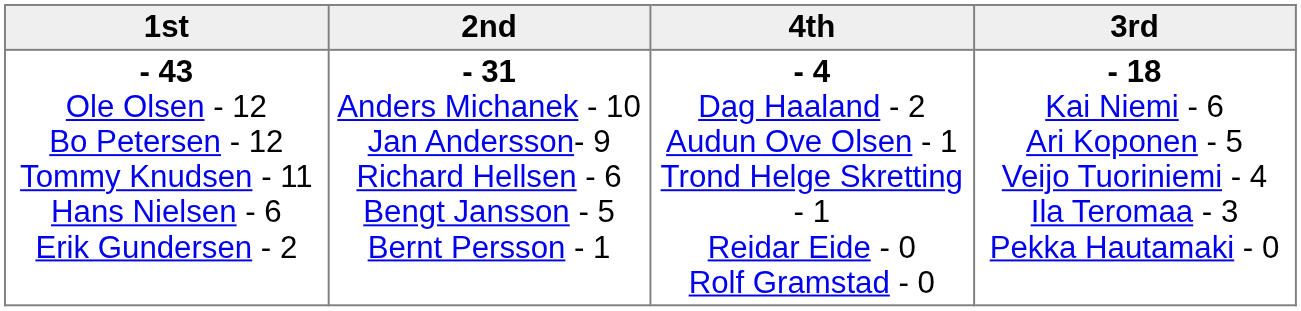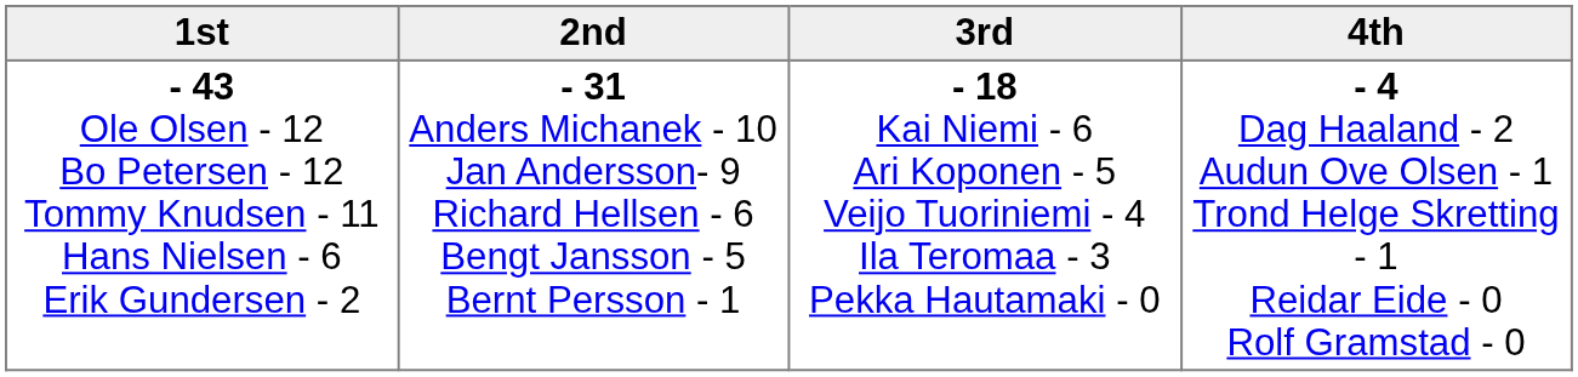 <table border=1 cellpadding=2 cellspacing=0 width=75% style="border-collapse:collapse">
 <tr align=center style="background:#efefef;">
 <th width=20% >1st</th>
 <th width=20% >2nd</th>
+<th width=20% >3rd</th>
 <th width=20%>4th</th>
-<th width=20% >3rd</th>
 </tr>
 <tr align=center>
 <td valign=top ><strong> - 43</strong><br><a href='#'>Ole Olsen</a> - 12<br><a href='#'>Bo Petersen</a> - 12<br><a href='#'>Tommy Knudsen</a> - 11<br><a href='#'>Hans Nielsen</a> - 6<br><a href='#'>Erik Gundersen</a> - 2</td>
 <td valign=top ><strong> - 31</strong><br><a href='#'>Anders Michanek</a> - 10<br><a href='#'>Jan Andersson</a>- 9<br><a href='#'>Richard Hellsen</a> - 6<br><a href='#'>Bengt Jansson</a> - 5<br><a href='#'>Bernt Persson</a> - 1</td>
+<td valign=top ><strong> - 18</strong><br><a href='#'>Kai Niemi</a> - 6<br><a href='#'>Ari Koponen</a> - 5<br><a href='#'>Veijo Tuoriniemi</a> - 4<br><a href='#'>Ila Teromaa</a> - 3<br><a href='#'>Pekka Hautamaki</a> - 0</td>
 <td valign=top><strong> - 4</strong><br><a href='#'>Dag Haaland</a> - 2<br><a href='#'>Audun Ove Olsen</a> - 1<br><a href='#'>Trond Helge Skretting</a> - 1<br><a href='#'>Reidar Eide</a>  - 0<br><a href='#'>Rolf Gramstad</a> - 0</td>
-<td valign=top ><strong> - 18</strong><br><a href='#'>Kai Niemi</a> - 6<br><a href='#'>Ari Koponen</a> - 5<br><a href='#'>Veijo Tuoriniemi</a> - 4<br><a href='#'>Ila Teromaa</a> - 3<br><a href='#'>Pekka Hautamaki</a> - 0</td>
 </tr>
 </table>
